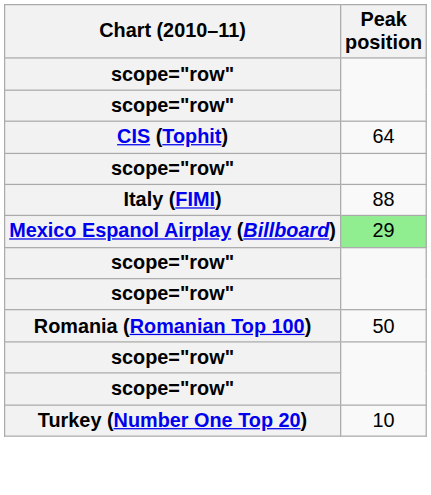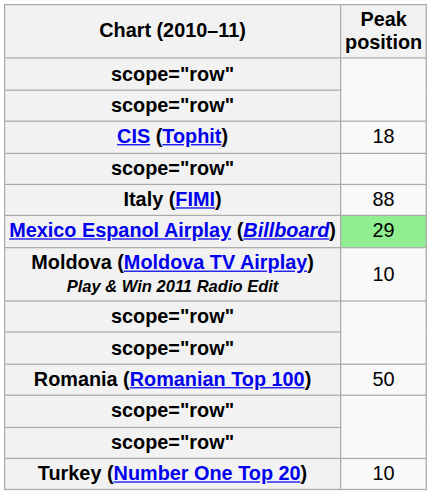 <table class="wikitable plainrowheaders sortable" style="text-align:center;">
 <tr>
 <th scope="col">Chart (2010–11)</th>
 <th scope="col">Peak<br>position</th>
 </tr>
 <tr>
 <th>scope="row"</th>
 </tr>
 <tr>
 <th>scope="row"</th>
 </tr>
 <tr>
 <th scope="row"><a href='#'>CIS</a> (<a href='#'>Tophit</a>)</th>
-<td>64</td>
+<td>18</td>
 </tr>
 <tr>
 <th>scope="row"</th>
 </tr>
 <tr>
 <th scope="row">Italy (<a href='#'>FIMI</a>)</th>
 <td>88</td>
 </tr>
 <tr>
 <th scope="row"><a href='#'>Mexico Espanol Airplay</a> (<em><a href='#'>Billboard</a></em>)</th>
 <td style="background: lightgreen;">29</td>
+</tr>
+<tr>
+<th scope="row">Moldova (<a href='#'>Moldova TV Airplay</a>)<br><small><em>Play & Win 2011 Radio Edit</em></small></th>
+<td>10</td>
 </tr>
 <tr>
 <th>scope="row"</th>
 </tr>
 <tr>
 <th>scope="row"</th>
 </tr>
 <tr>
 <th scope="row">Romania (<a href='#'>Romanian Top 100</a>)</th>
 <td>50</td>
 </tr>
 <tr>
 <th>scope="row"</th>
 </tr>
 <tr>
 <th>scope="row"</th>
 </tr>
 <tr>
 <th scope="row">Turkey (<a href='#'>Number One Top 20</a>)</th>
 <td>10</td>
 </tr>
 </table>
